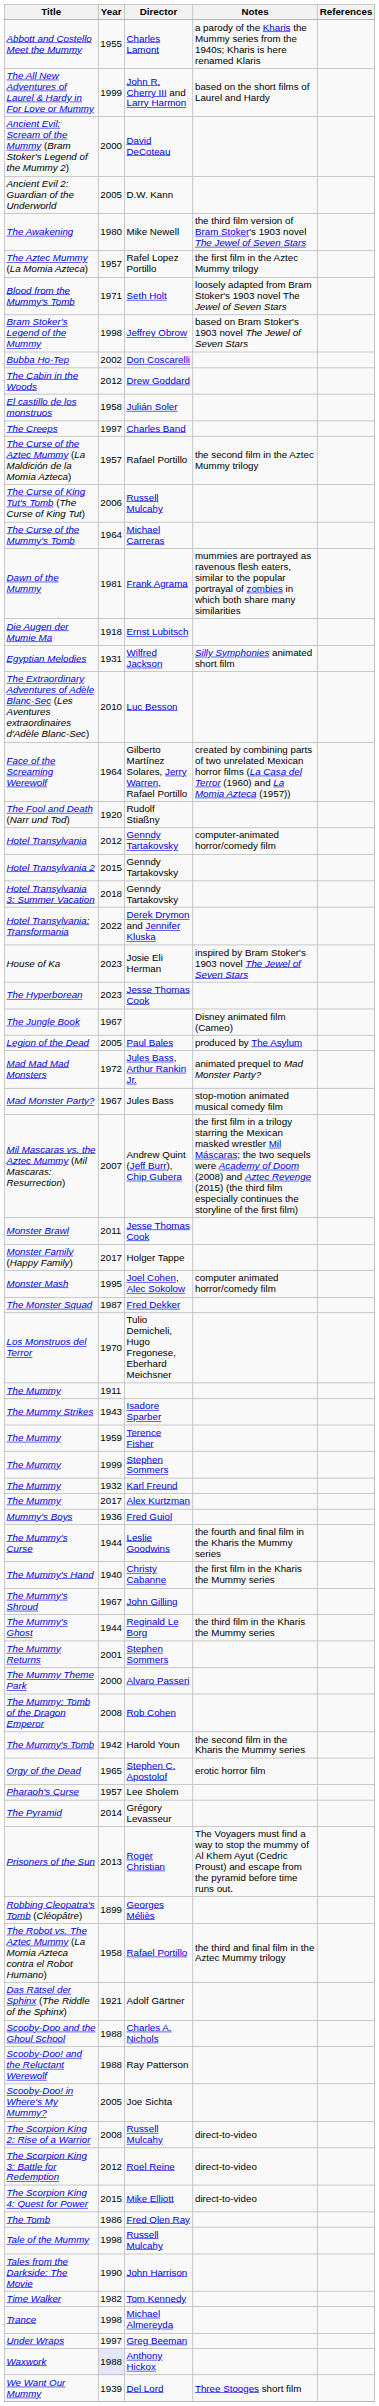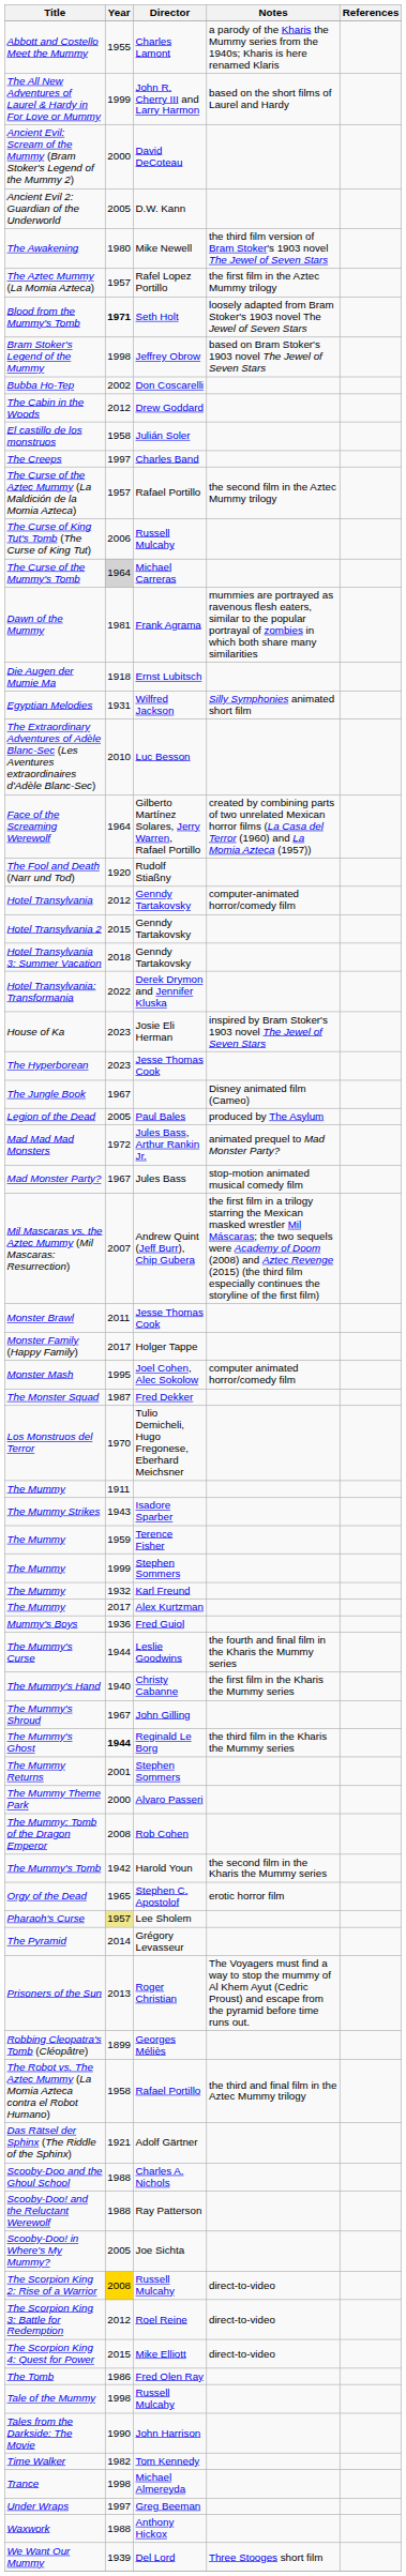 <table class="wikitable sortable">
 <tr>
 <th>Title</th>
 <th>Year</th>
 <th>Director</th>
 <th>Notes</th>
 <th>References</th>
 </tr>
 <tr>
 </tr>
 <tr>
 <td><em><a href='#'>Abbott and Costello Meet the Mummy</a></em></td>
 <td>1955</td>
 <td><a href='#'>Charles Lamont</a></td>
 <td>a parody of the <a href='#'>Kharis</a> the Mummy series from the 1940s; Kharis is here renamed Klaris</td>
 <td></td>
 </tr>
 <tr>
 <td><em><a href='#'>The All New Adventures of Laurel & Hardy in For Love or Mummy</a></em></td>
 <td>1999</td>
 <td><a href='#'>John R. Cherry III</a> and <a href='#'>Larry Harmon</a></td>
 <td>based on the short films of Laurel and Hardy</td>
 <td></td>
 </tr>
 <tr>
 <td><em><a href='#'>Ancient Evil: Scream of the Mummy</a></em> (<em>Bram Stoker's Legend of the Mummy 2</em>)</td>
 <td>2000</td>
 <td><a href='#'>David DeCoteau</a></td>
 <td></td>
 <td></td>
 </tr>
 <tr>
 <td><em>Ancient Evil 2: Guardian of the Underworld</em></td>
 <td>2005</td>
 <td>D.W. Kann</td>
 <td></td>
 <td></td>
 </tr>
 <tr>
 <td><em><a href='#'>The Awakening</a></em></td>
 <td>1980</td>
 <td>Mike Newell</td>
 <td>the third film version of <a href='#'>Bram Stoker</a>'s 1903 novel <em><a href='#'>The Jewel of Seven Stars</a></em></td>
 <td></td>
 </tr>
 <tr>
 <td><em><a href='#'>The Aztec Mummy</a></em> (<em>La Momia Azteca</em>)</td>
 <td>1957</td>
 <td>Rafel Lopez Portillo</td>
 <td>the first film in the Aztec Mummy trilogy</td>
 <td></td>
 </tr>
 <tr>
 <td><em><a href='#'>Blood from the Mummy's Tomb</a></em></td>
-<td>1971</td>
+<td><strong>1971</strong></td>
 <td><a href='#'>Seth Holt</a></td>
 <td>loosely adapted from Bram Stoker's 1903 novel The <em>Jewel of Seven Stars</em></td>
 <td></td>
 </tr>
 <tr>
 <td><em><a href='#'>Bram Stoker's Legend of the Mummy</a></em></td>
 <td>1998</td>
 <td><a href='#'>Jeffrey Obrow</a></td>
 <td>based on Bram Stoker's 1903 novel <em>The Jewel of Seven Stars</em></td>
 <td></td>
 </tr>
 <tr>
 <td><em><a href='#'>Bubba Ho-Tep</a></em></td>
 <td>2002</td>
 <td><a href='#'>Don Coscarelli</a></td>
 <td></td>
 <td></td>
 </tr>
 <tr>
 <td><em><a href='#'>The Cabin in the Woods</a></em></td>
 <td>2012</td>
 <td><a href='#'>Drew Goddard</a></td>
 <td></td>
 <td></td>
 </tr>
 <tr>
 <td><em><a href='#'>El castillo de los monstruos</a></em></td>
 <td>1958</td>
 <td><a href='#'>Julián Soler</a></td>
 <td></td>
 <td></td>
 </tr>
 <tr>
 <td><em><a href='#'>The Creeps</a></em></td>
 <td>1997</td>
 <td><a href='#'>Charles Band</a></td>
 <td></td>
 <td></td>
 </tr>
 <tr>
 <td><em><a href='#'>The Curse of the Aztec Mummy</a></em> (<em>La Maldición de la Momia Azteca</em>)</td>
 <td>1957</td>
 <td>Rafael Portillo</td>
 <td>the second film in the Aztec Mummy trilogy</td>
 <td></td>
 </tr>
 <tr>
 <td><em><a href='#'>The Curse of King Tut's Tomb</a></em> (<em>The Curse of King Tut</em>)</td>
 <td>2006</td>
 <td><a href='#'>Russell Mulcahy</a></td>
 <td></td>
 <td></td>
 </tr>
 <tr>
 <td><em><a href='#'>The Curse of the Mummy's Tomb</a></em></td>
-<td>1964</td>
+<td style="background: lightgrey;">1964</td>
 <td><a href='#'>Michael Carreras</a></td>
 <td></td>
 <td></td>
 </tr>
 <tr>
 <td><em><a href='#'>Dawn of the Mummy</a></em></td>
 <td>1981</td>
 <td><a href='#'>Frank Agrama</a></td>
 <td>mummies are portrayed as ravenous flesh eaters, similar to the popular portrayal of <a href='#'>zombies</a> in which both share many similarities</td>
 <td></td>
 </tr>
 <tr>
 <td><em><a href='#'>Die Augen der Mumie Ma</a></em></td>
 <td>1918</td>
 <td><a href='#'>Ernst Lubitsch</a></td>
 <td></td>
 <td></td>
 </tr>
 <tr>
 <td><em><a href='#'>Egyptian Melodies</a></em></td>
 <td>1931</td>
 <td><a href='#'>Wilfred Jackson</a></td>
 <td><em><a href='#'>Silly Symphonies</a></em> animated short film</td>
 <td></td>
 </tr>
 <tr>
 <td><em><a href='#'>The Extraordinary Adventures of Adèle Blanc-Sec</a></em>  (<em>Les Aventures extraordinaires d'Adèle Blanc-Sec</em>)</td>
 <td>2010</td>
 <td><a href='#'>Luc Besson</a></td>
 <td></td>
 <td></td>
 </tr>
 <tr>
 <td><em><a href='#'>Face of the Screaming Werewolf</a></em></td>
 <td>1964</td>
 <td>Gilberto Martínez Solares, <a href='#'>Jerry Warren</a>, Rafael Portillo</td>
 <td>created by combining parts of two unrelated Mexican horror films (<em><a href='#'>La Casa del Terror</a></em> (1960) and <em><a href='#'>La Momia Azteca</a></em> (1957))</td>
 <td></td>
 </tr>
 <tr>
 <td><em><a href='#'>The Fool and Death</a></em> (<em>Narr und Tod</em>)</td>
 <td>1920</td>
 <td>Rudolf Stiaßny</td>
 <td></td>
 <td></td>
 </tr>
 <tr>
 <td><em><a href='#'>Hotel Transylvania</a></em></td>
 <td>2012</td>
 <td><a href='#'>Genndy Tartakovsky</a></td>
 <td>computer-animated horror/comedy film</td>
 <td></td>
 </tr>
 <tr>
 <td><em><a href='#'>Hotel Transylvania 2</a></em></td>
 <td>2015</td>
 <td>Genndy Tartakovsky</td>
 <td></td>
 <td></td>
 </tr>
 <tr>
 <td><em><a href='#'>Hotel Transylvania 3: Summer Vacation</a></em></td>
 <td>2018</td>
 <td>Genndy Tartakovsky</td>
 <td></td>
 <td></td>
 </tr>
 <tr>
 <td><em><a href='#'>Hotel Transylvania: Transformania</a></em></td>
 <td>2022</td>
 <td><a href='#'>Derek Drymon</a> and <a href='#'>Jennifer Kluska</a></td>
 <td></td>
 <td></td>
 </tr>
 <tr>
 <td><em>House of Ka</em></td>
 <td>2023</td>
 <td>Josie Eli Herman</td>
 <td>inspired by Bram Stoker's 1903 novel <em><a href='#'>The Jewel of Seven Stars</a></em></td>
 <td></td>
 </tr>
 <tr>
 <td><em><a href='#'>The Hyperborean</a></em></td>
 <td>2023</td>
 <td><a href='#'>Jesse Thomas Cook</a></td>
 <td></td>
 <td></td>
 </tr>
 <tr>
 <td><em><a href='#'>The Jungle Book</a></em></td>
 <td>1967</td>
 <td></td>
 <td>Disney animated film (Cameo)</td>
 <td></td>
 </tr>
 <tr>
 <td><em><a href='#'>Legion of the Dead</a></em></td>
 <td>2005</td>
 <td><a href='#'>Paul Bales</a></td>
 <td>produced by <a href='#'>The Asylum</a></td>
 <td></td>
 </tr>
 <tr>
 <td><em><a href='#'>Mad Mad Mad Monsters</a></em></td>
 <td>1972</td>
 <td><a href='#'>Jules Bass</a>, <a href='#'>Arthur Rankin Jr.</a></td>
 <td>animated prequel to <em>Mad Monster Party?</em></td>
 <td></td>
 </tr>
 <tr>
 <td><em><a href='#'>Mad Monster Party?</a></em></td>
 <td>1967</td>
 <td>Jules Bass</td>
 <td>stop-motion animated musical comedy film</td>
 <td></td>
 </tr>
 <tr>
 <td><em><a href='#'>Mil Mascaras vs. the Aztec Mummy</a></em>  (<em>Mil Mascaras: Resurrection</em>)</td>
 <td>2007</td>
 <td>Andrew Quint (<a href='#'>Jeff Burr</a>), <a href='#'>Chip Gubera</a></td>
 <td>the first film in a trilogy starring the Mexican masked wrestler <a href='#'>Mil Máscaras</a>; the two sequels were <em><a href='#'>Academy of Doom</a></em> (2008) and <em><a href='#'>Aztec Revenge</a></em> (2015) (the third film especially continues the storyline of the first film)</td>
 <td></td>
 </tr>
 <tr>
 <td><em><a href='#'>Monster Brawl</a></em></td>
 <td>2011</td>
 <td><a href='#'>Jesse Thomas Cook</a></td>
 <td></td>
 <td></td>
 </tr>
 <tr>
 <td><em><a href='#'>Monster Family</a></em> (<em>Happy Family</em>)</td>
 <td>2017</td>
 <td>Holger Tappe</td>
 <td></td>
 <td></td>
 </tr>
 <tr>
 <td><em><a href='#'>Monster Mash</a></em></td>
 <td>1995</td>
 <td><a href='#'>Joel Cohen</a>, <a href='#'>Alec Sokolow</a></td>
 <td>computer animated horror/comedy film</td>
 <td></td>
 </tr>
 <tr>
 <td><em><a href='#'>The Monster Squad</a></em></td>
 <td>1987</td>
 <td><a href='#'>Fred Dekker</a></td>
 <td></td>
 <td></td>
 </tr>
 <tr>
 <td><em><a href='#'>Los Monstruos del Terror</a></em></td>
 <td>1970</td>
 <td>Tulio Demicheli, Hugo Fregonese, Eberhard Meichsner</td>
 <td></td>
 <td></td>
 </tr>
 <tr>
 <td><em><a href='#'>The Mummy</a></em></td>
 <td>1911</td>
 <td></td>
 <td></td>
 <td></td>
 </tr>
 <tr>
 <td><em><a href='#'>The Mummy Strikes</a></em></td>
 <td>1943</td>
 <td><a href='#'>Isadore Sparber</a></td>
 <td></td>
 <td></td>
 </tr>
 <tr>
 <td><em><a href='#'>The Mummy</a></em></td>
 <td>1959</td>
 <td><a href='#'>Terence Fisher</a></td>
 <td></td>
 <td></td>
 </tr>
 <tr>
 <td><em><a href='#'>The Mummy</a></em></td>
 <td>1999</td>
 <td><a href='#'>Stephen Sommers</a></td>
 <td></td>
 <td></td>
 </tr>
 <tr>
 <td><em><a href='#'>The Mummy</a></em></td>
 <td>1932</td>
 <td><a href='#'>Karl Freund</a></td>
 <td></td>
 <td></td>
 </tr>
 <tr>
 <td><em><a href='#'>The Mummy</a></em></td>
 <td>2017</td>
 <td><a href='#'>Alex Kurtzman</a></td>
 <td></td>
 <td></td>
 </tr>
 <tr>
 <td><em><a href='#'>Mummy's Boys</a></em></td>
 <td>1936</td>
 <td><a href='#'>Fred Guiol</a></td>
 <td></td>
 <td></td>
 </tr>
 <tr>
 <td><em><a href='#'>The Mummy's Curse</a></em></td>
 <td>1944</td>
 <td><a href='#'>Leslie Goodwins</a></td>
 <td>the fourth and final film in the Kharis the Mummy series</td>
 <td></td>
 </tr>
 <tr>
 <td><em><a href='#'>The Mummy's Hand</a></em></td>
 <td>1940</td>
 <td><a href='#'>Christy Cabanne</a></td>
 <td>the first film in the Kharis the Mummy series</td>
 <td></td>
 </tr>
 <tr>
 <td><em><a href='#'>The Mummy's Shroud</a></em></td>
 <td>1967</td>
 <td><a href='#'>John Gilling</a></td>
 <td></td>
 <td></td>
 </tr>
 <tr>
 <td><em><a href='#'>The Mummy's Ghost</a></em></td>
-<td>1944</td>
+<td><strong>1944</strong></td>
 <td><a href='#'>Reginald Le Borg</a></td>
 <td>the third film in the Kharis the Mummy series</td>
 <td></td>
 </tr>
 <tr>
 <td><em><a href='#'>The Mummy Returns</a></em></td>
 <td>2001</td>
 <td><a href='#'>Stephen Sommers</a></td>
 <td></td>
 <td></td>
 </tr>
 <tr>
 <td><em><a href='#'>The Mummy Theme Park</a></em></td>
 <td>2000</td>
 <td><a href='#'>Alvaro Passeri</a></td>
 <td></td>
 <td></td>
 </tr>
 <tr>
 <td><em><a href='#'>The Mummy: Tomb of the Dragon Emperor</a></em></td>
 <td>2008</td>
 <td><a href='#'>Rob Cohen</a></td>
 <td></td>
 <td></td>
 </tr>
 <tr>
 <td><em><a href='#'>The Mummy's Tomb</a></em></td>
 <td>1942</td>
 <td>Harold Youn</td>
 <td>the second film in the Kharis the Mummy series</td>
 <td></td>
 </tr>
 <tr>
 <td><em><a href='#'>Orgy of the Dead</a></em></td>
 <td>1965</td>
 <td><a href='#'>Stephen C. Apostolof</a></td>
 <td>erotic horror film</td>
 <td></td>
 </tr>
 <tr>
 <td><em><a href='#'>Pharaoh's Curse</a></em></td>
-<td>1957</td>
+<td style="background: khaki;">1957</td>
 <td>Lee Sholem</td>
 <td></td>
 <td></td>
 </tr>
 <tr>
 <td><em><a href='#'>The Pyramid</a></em></td>
 <td>2014</td>
 <td>Grégory Levasseur</td>
 <td></td>
 <td></td>
 </tr>
 <tr>
 <td><em><a href='#'>Prisoners of the Sun</a></em></td>
 <td>2013</td>
 <td><a href='#'>Roger Christian</a></td>
 <td>The Voyagers must find a way to stop the mummy of Al Khem Ayut (Cedric Proust) and escape from the pyramid before time runs out.</td>
 <td></td>
 </tr>
 <tr>
 <td><em><a href='#'>Robbing Cleopatra's Tomb</a></em> (<em>Cléopâtre</em>)</td>
 <td>1899</td>
 <td><a href='#'>Georges Méliès</a></td>
 <td></td>
 <td></td>
 </tr>
 <tr>
 <td><em><a href='#'>The Robot vs. The Aztec Mummy</a></em>  (<em>La Momia Azteca contra el Robot Humano</em>)</td>
 <td>1958</td>
 <td><a href='#'>Rafael Portillo</a></td>
 <td>the third and final film in the Aztec Mummy trilogy</td>
 <td></td>
 </tr>
 <tr>
 <td><em><a href='#'>Das Rätsel der Sphinx</a></em> (<em>The Riddle of the Sphinx</em>)</td>
 <td>1921</td>
 <td>Adolf Gärtner</td>
 <td></td>
 <td></td>
 </tr>
 <tr>
 <td><em><a href='#'>Scooby-Doo and the Ghoul School</a></em></td>
 <td>1988</td>
 <td><a href='#'>Charles A. Nichols</a></td>
 <td></td>
 <td></td>
 </tr>
 <tr>
 <td><em><a href='#'>Scooby-Doo! and the Reluctant Werewolf</a></em></td>
 <td>1988</td>
 <td>Ray Patterson</td>
 <td></td>
 <td></td>
 </tr>
 <tr>
 <td><em><a href='#'>Scooby-Doo! in Where's My Mummy?</a></em></td>
 <td>2005</td>
 <td>Joe Sichta</td>
 <td></td>
 <td></td>
 </tr>
 <tr>
 <td><em><a href='#'>The Scorpion King 2: Rise of a Warrior</a></em></td>
-<td>2008</td>
+<td style="background: gold;">2008</td>
 <td><a href='#'>Russell Mulcahy</a></td>
 <td>direct-to-video</td>
 <td></td>
 </tr>
 <tr>
 <td><em><a href='#'>The Scorpion King 3: Battle for Redemption</a></em></td>
 <td>2012</td>
 <td><a href='#'>Roel Reine</a></td>
 <td>direct-to-video</td>
 <td></td>
 </tr>
 <tr>
 <td><em><a href='#'>The Scorpion King 4: Quest for Power</a></em></td>
 <td>2015</td>
 <td><a href='#'>Mike Elliott</a></td>
 <td>direct-to-video</td>
 <td></td>
 </tr>
 <tr>
 <td><em><a href='#'>The Tomb</a></em></td>
 <td>1986</td>
 <td><a href='#'>Fred Olen Ray</a></td>
 <td></td>
 <td></td>
 </tr>
 <tr>
 <td><em><a href='#'>Tale of the Mummy</a></em></td>
 <td>1998</td>
 <td><a href='#'>Russell Mulcahy</a></td>
 <td></td>
 <td></td>
 </tr>
 <tr>
 <td><em><a href='#'>Tales from the Darkside: The Movie</a></em></td>
 <td>1990</td>
 <td><a href='#'>John Harrison</a></td>
 <td></td>
 <td></td>
 </tr>
 <tr>
 <td><em><a href='#'>Time Walker</a></em></td>
 <td>1982</td>
 <td><a href='#'>Tom Kennedy</a></td>
 <td></td>
 <td></td>
 </tr>
 <tr>
 <td><em><a href='#'>Trance</a></em></td>
 <td>1998</td>
 <td><a href='#'>Michael Almereyda</a></td>
 <td></td>
 <td></td>
 </tr>
 <tr>
 <td><em><a href='#'>Under Wraps</a></em></td>
 <td>1997</td>
 <td><a href='#'>Greg Beeman</a></td>
 <td></td>
 <td></td>
 </tr>
 <tr>
 <td><em><a href='#'>Waxwork</a></em></td>
-<td style="background: lavender;">1988</td>
+<td>1988</td>
 <td><a href='#'>Anthony Hickox</a></td>
 <td></td>
 <td></td>
 </tr>
 <tr>
 <td><em><a href='#'>We Want Our Mummy</a></em></td>
 <td>1939</td>
 <td><a href='#'>Del Lord</a></td>
 <td><a href='#'>Three Stooges</a> short film</td>
 <td></td>
 </tr>
 <tr>
 </tr>
 </table>
